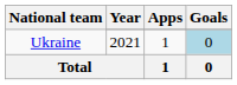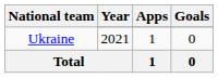 <table class="wikitable" style="text-align:center">
 <tr>
 <th>National team</th>
 <th>Year</th>
 <th>Apps</th>
 <th>Goals</th>
 </tr>
 <tr>
 <td rowspan=2><a href='#'>Ukraine</a></td>
 </tr>
 <tr>
 <td>2021</td>
 <td>1</td>
-<td style="background: lightblue;">0</td>
+<td>0</td>
 </tr>
 <tr>
 <th colspan="2">Total</th>
 <th>1</th>
 <th>0</th>
 </tr>
 </table>
